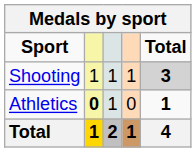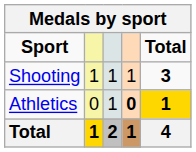 <table class="wikitable" style="font-size:85%;float:middle;text-align:center">
 <tr style="background:#efefef;">
 <th colspan=7>Medals by sport</th>
 </tr>
 <tr>
 <td><strong>Sport</strong></td>
 <td bgcolor=#f7f6a8></td>
 <td bgcolor=#dce5e5></td>
 <td bgcolor=#ffdab9></td>
 <td><strong>Total</strong></td>
 </tr>
 <tr>
 <td style="text-align:left;"><a href='#'>Shooting</a></td>
 <td style="background:#F7F6A8;">1</td>
 <td style="background:#DCE5E5;">1</td>
 <td style="background:#FFDAB9;">1</td>
-<td style="background: lightgrey;"><strong>3</strong></td>
+<td><strong>3</strong></td>
 </tr>
 <tr>
 <td style="text-align:left;"><a href='#'>Athletics</a></td>
-<td style="background:#F7F6A8;"><strong>0</strong></td>
+<td style="background:#F7F6A8;">0</td>
 <td style="background:#DCE5E5;">1</td>
-<td style="background:#FFDAB9;">0</td>
-<td><strong>1</strong></td>
+<td style="background:#FFDAB9;"><strong>0</strong></td>
+<td style="background: gold;"><strong>1</strong></td>
 </tr>
 <tr>
 <th style="text-align:left;">Total</th>
 <th style="background:gold;">1</th>
 <th style="background:silver;">2</th>
 <th style="background:#c96;">1</th>
 <th>4</th>
 </tr>
 </table>
